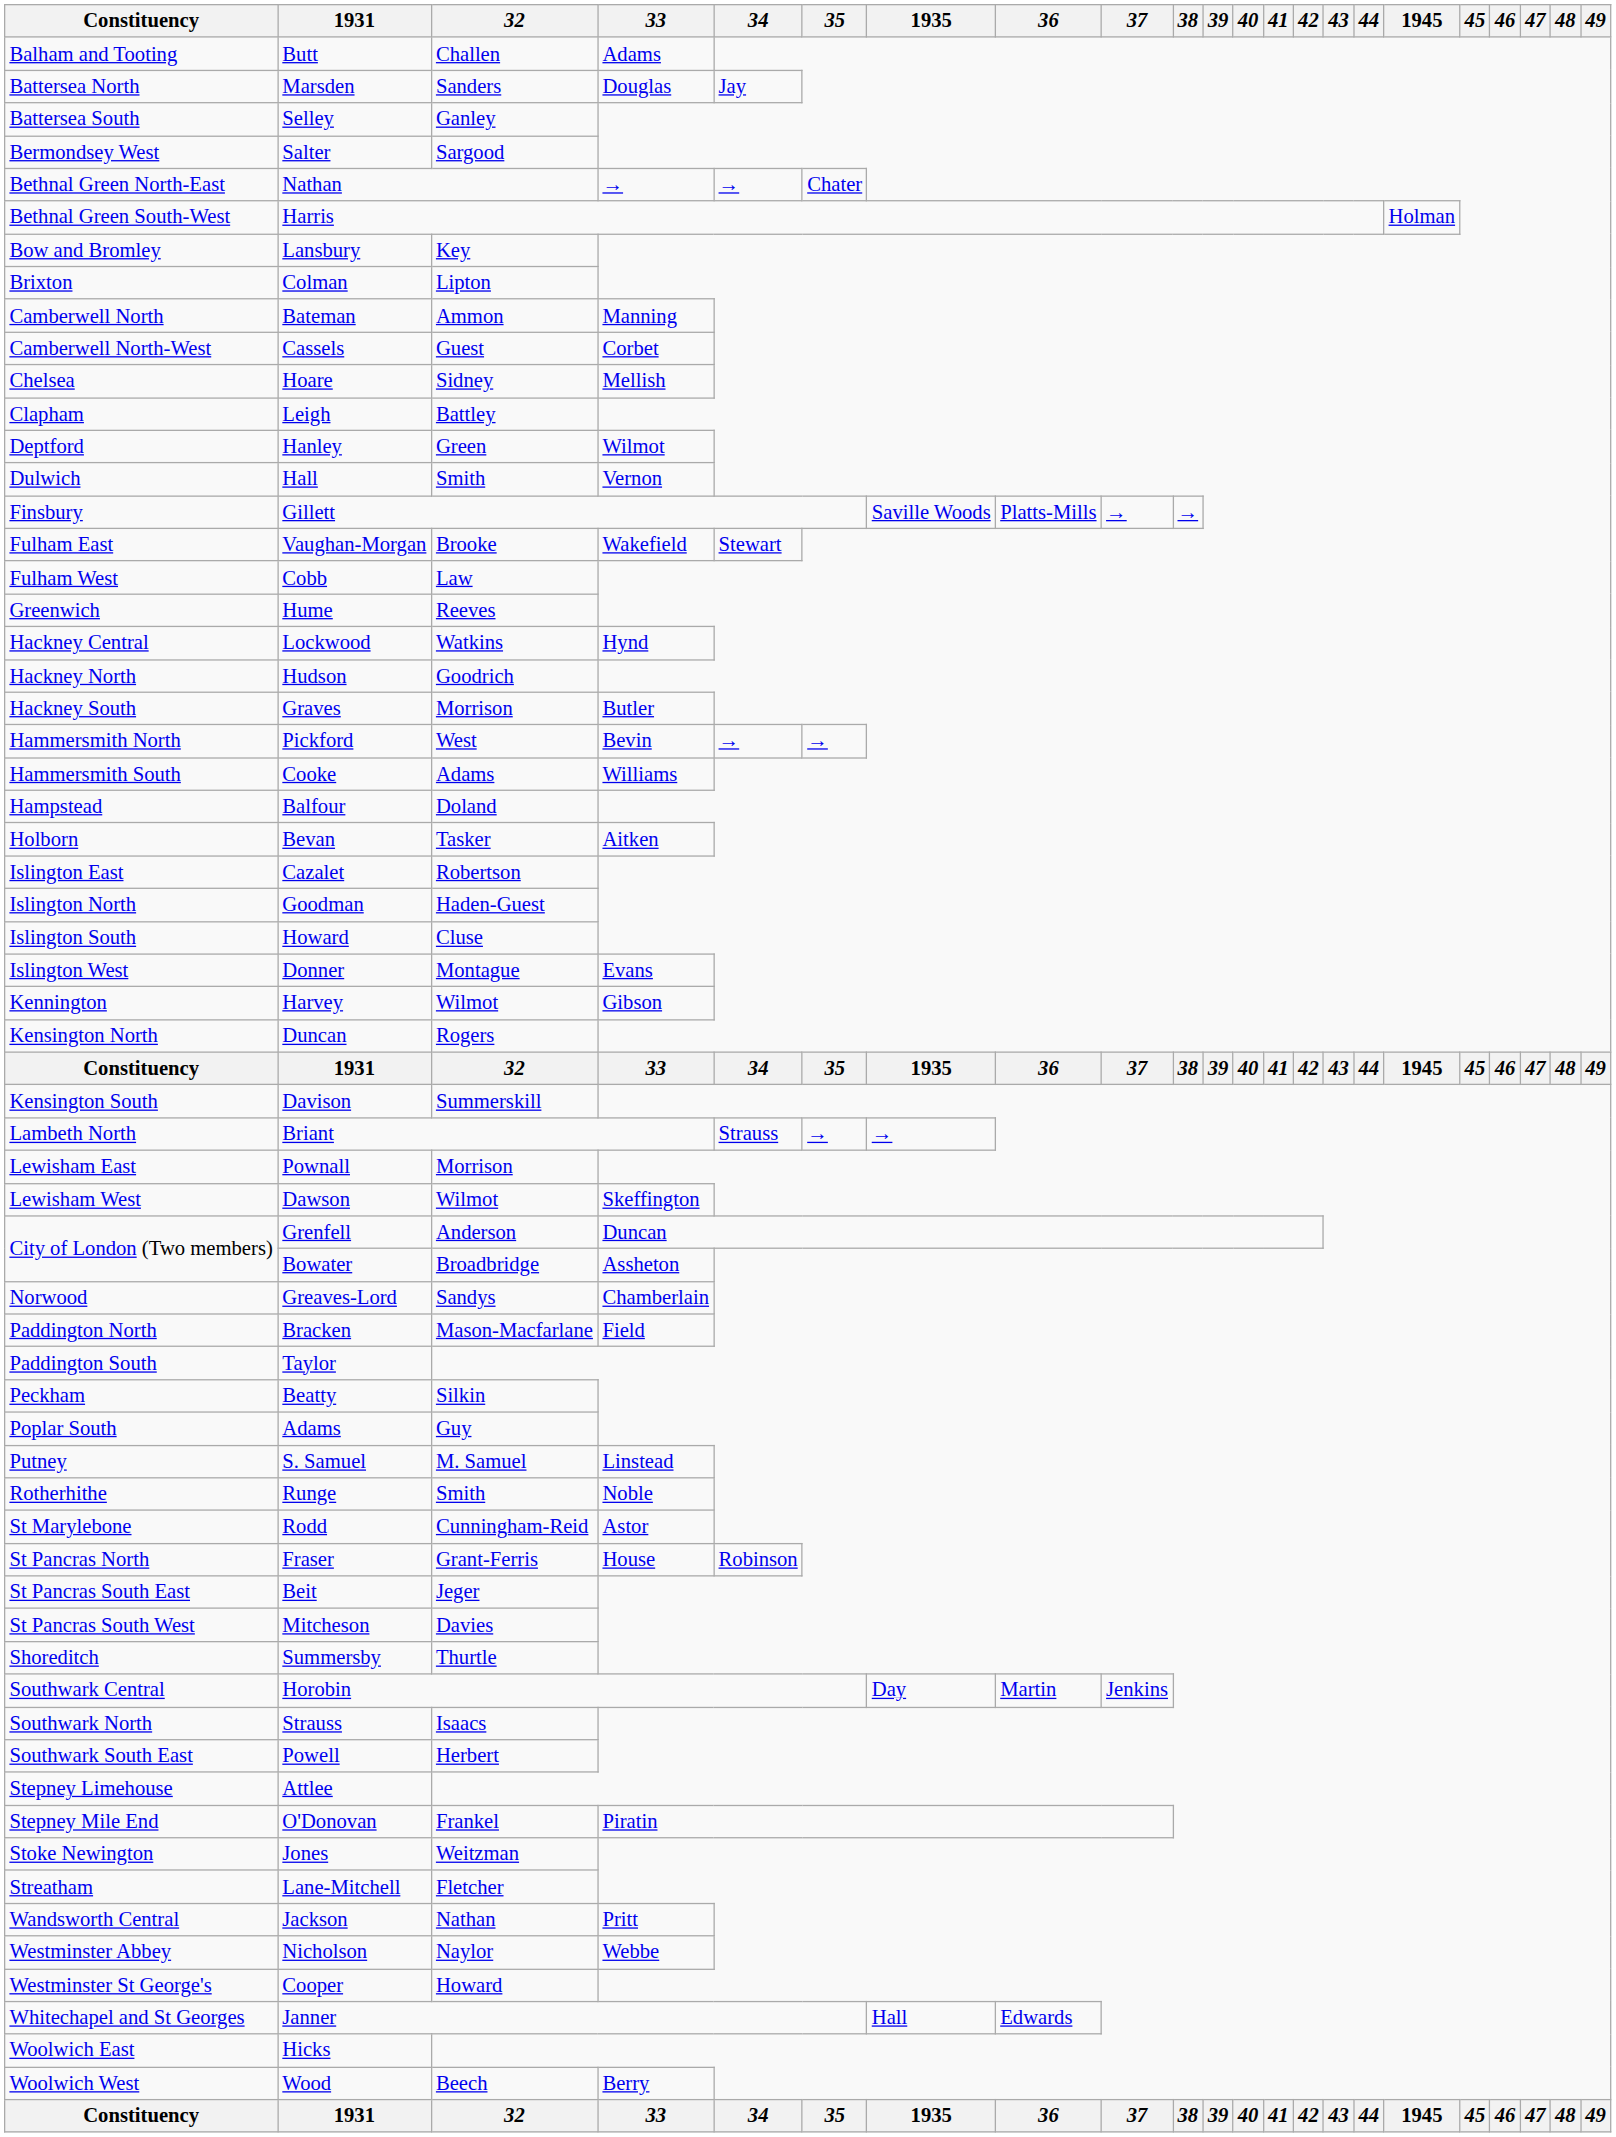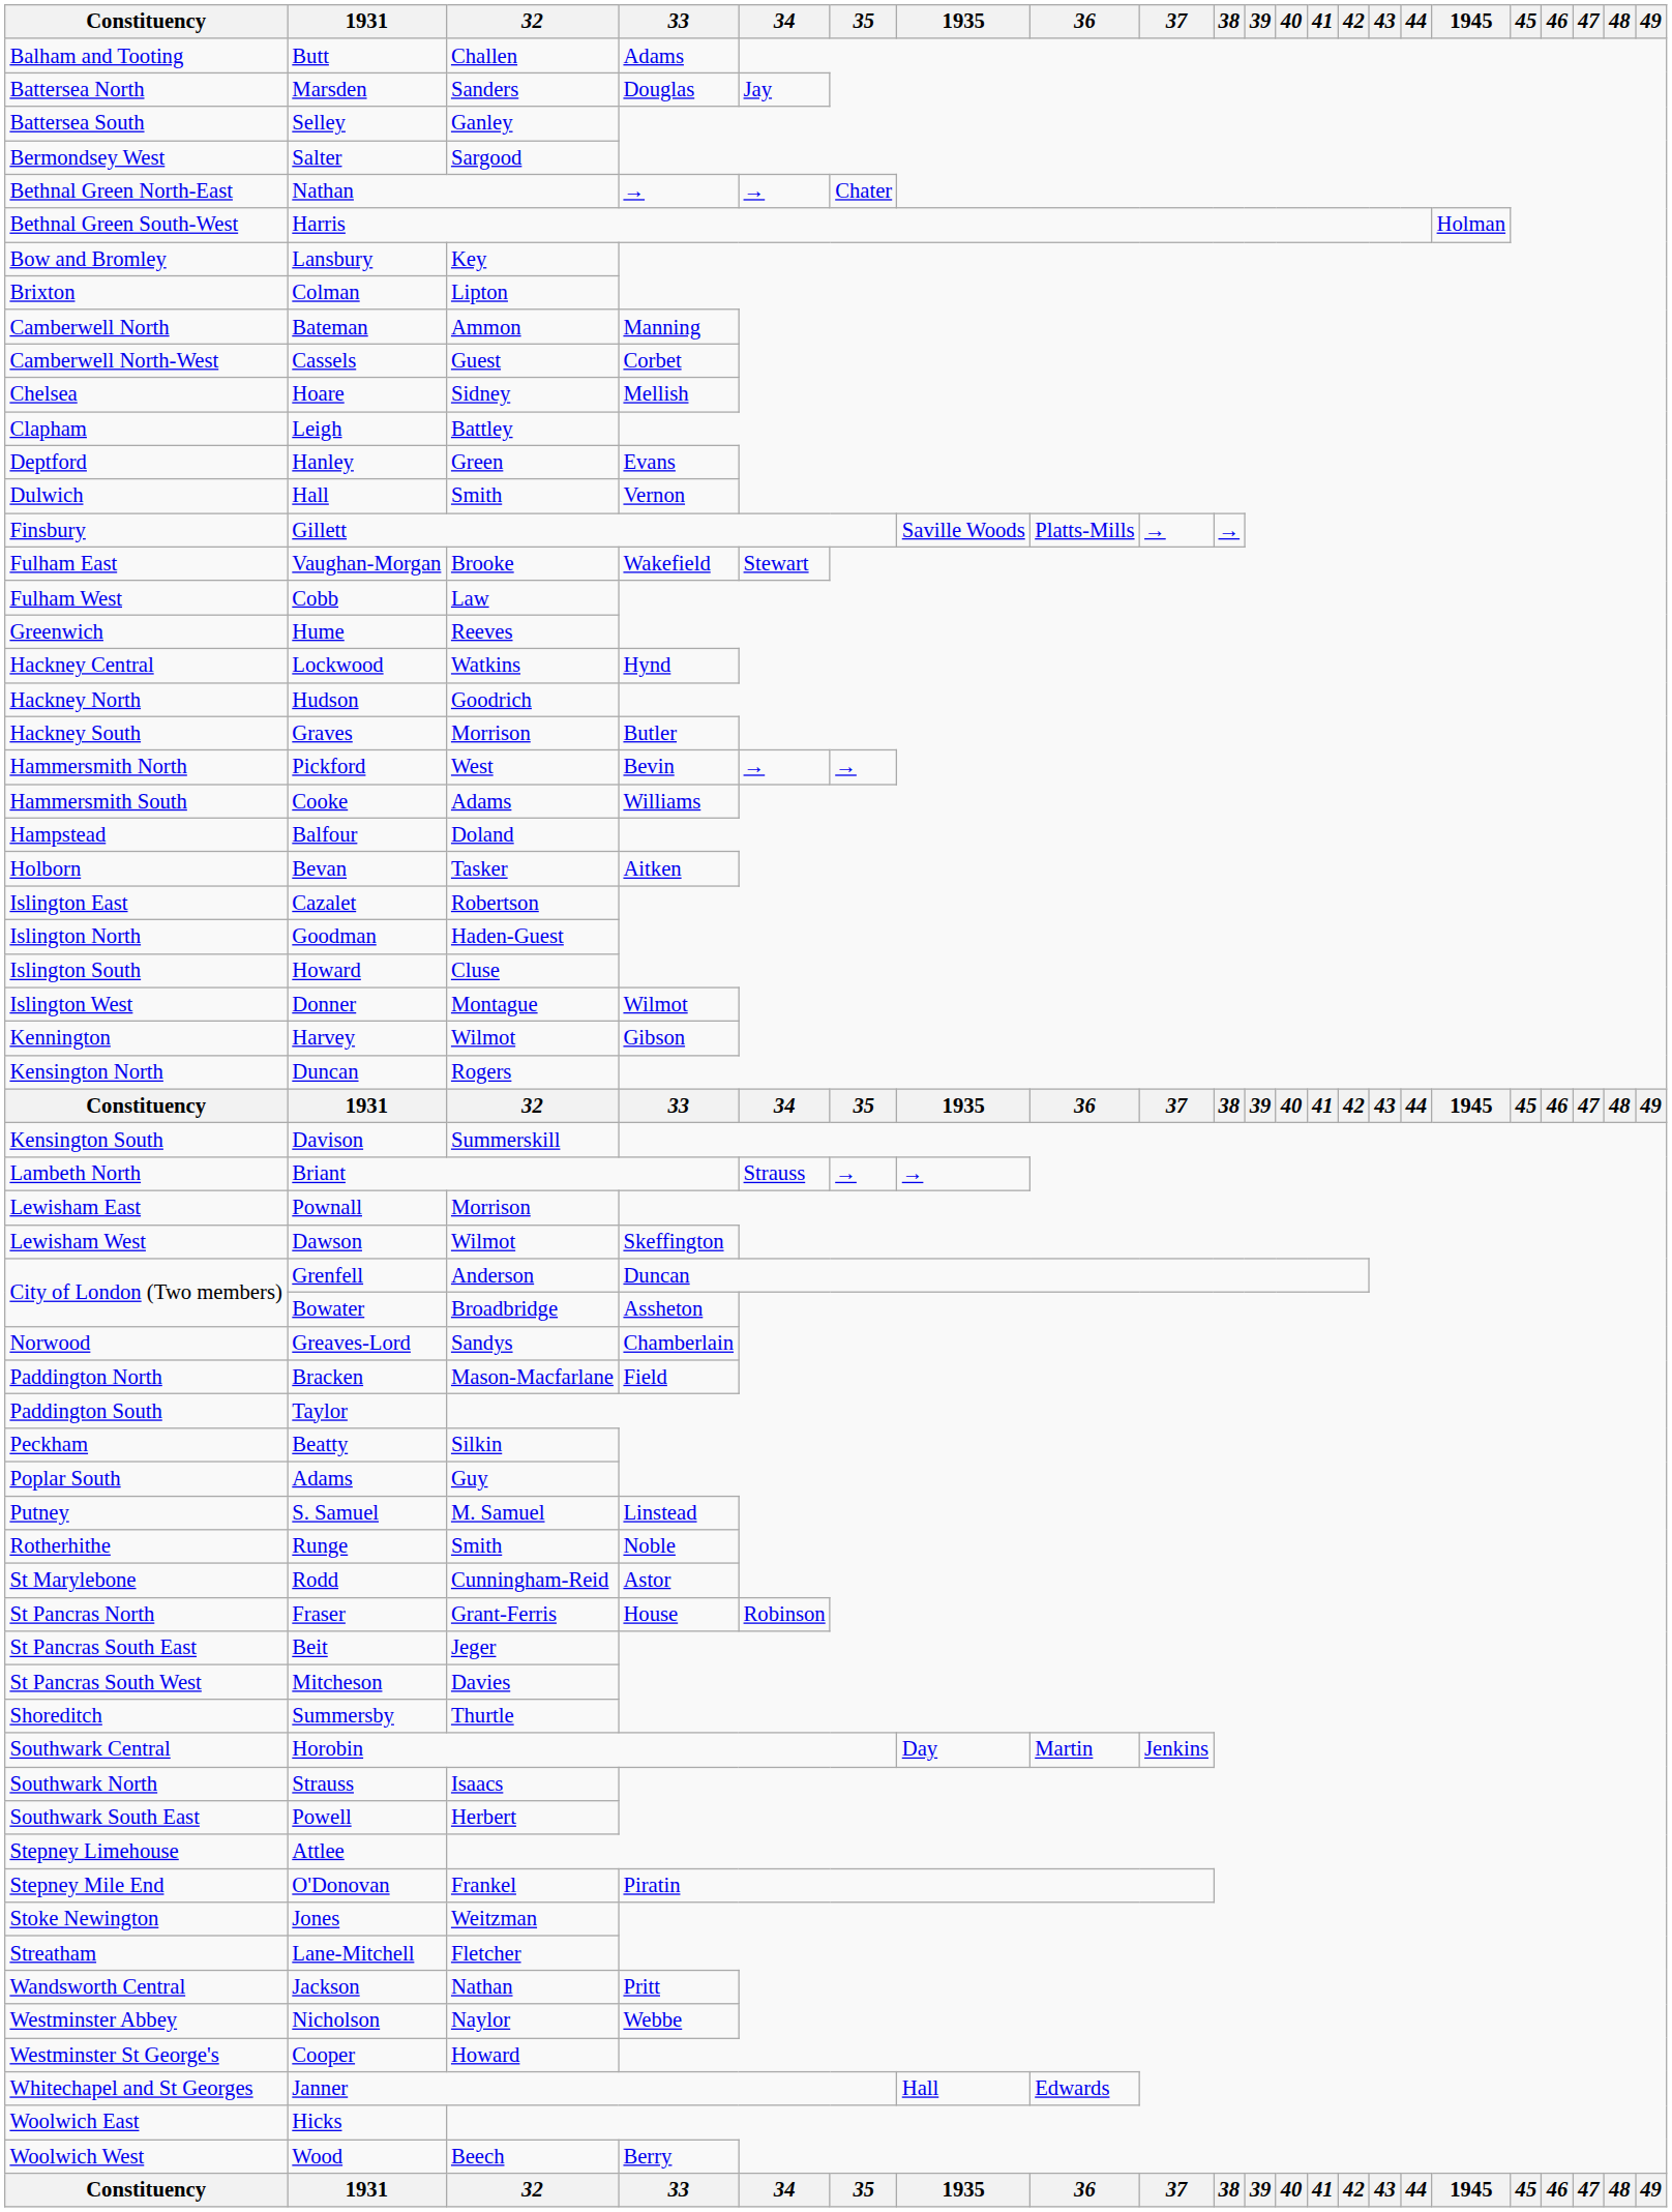 <table class="wikitable">
 <tr>
 <th>Constituency</th>
 <th>1931</th>
 <th><em>32</em></th>
 <th><em>33</em></th>
 <th><em>34</em></th>
 <th><em>35</em></th>
 <th>1935</th>
 <th><em>36</em></th>
 <th><em>37</em></th>
 <th><em>38</em></th>
 <th><em>39</em></th>
 <th><em>40</em></th>
 <th><em>41</em></th>
 <th><em>42</em></th>
 <th><em>43</em></th>
 <th><em>44</em></th>
 <th>1945</th>
 <th><em>45</em></th>
 <th><em>46</em></th>
 <th><em>47</em></th>
 <th><em>48</em></th>
 <th><em>49</em></th>
 </tr>
 <tr>
 <td><a href='#'>Balham and Tooting</a></td>
 <td><a href='#'>Butt</a></td>
 <td><a href='#'>Challen</a></td>
 <td><a href='#'>Adams</a></td>
 </tr>
 <tr>
 <td><a href='#'>Battersea North</a></td>
 <td><a href='#'>Marsden</a></td>
 <td><a href='#'>Sanders</a></td>
 <td><a href='#'>Douglas</a></td>
 <td><a href='#'>Jay</a></td>
 </tr>
 <tr>
 <td><a href='#'>Battersea South</a></td>
 <td><a href='#'>Selley</a></td>
 <td><a href='#'>Ganley</a></td>
 </tr>
 <tr>
 <td><a href='#'>Bermondsey West</a></td>
 <td><a href='#'>Salter</a></td>
 <td><a href='#'>Sargood</a></td>
 </tr>
 <tr>
 <td><a href='#'>Bethnal Green North-East</a></td>
 <td colspan="2"><a href='#'>Nathan</a></td>
 <td><a href='#'>→</a></td>
 <td><a href='#'>→</a></td>
 <td><a href='#'>Chater</a></td>
 </tr>
 <tr>
 <td><a href='#'>Bethnal Green South-West</a></td>
 <td colspan="15"><a href='#'>Harris</a></td>
 <td><a href='#'>Holman</a></td>
 </tr>
 <tr>
 <td><a href='#'>Bow and Bromley</a></td>
 <td><a href='#'>Lansbury</a></td>
 <td><a href='#'>Key</a></td>
 </tr>
 <tr>
 <td><a href='#'>Brixton</a></td>
 <td><a href='#'>Colman</a></td>
 <td><a href='#'>Lipton</a></td>
 </tr>
 <tr>
 <td><a href='#'>Camberwell North</a></td>
 <td><a href='#'>Bateman</a></td>
 <td><a href='#'>Ammon</a></td>
 <td><a href='#'>Manning</a></td>
 </tr>
 <tr>
 <td><a href='#'>Camberwell North-West</a></td>
 <td><a href='#'>Cassels</a></td>
 <td><a href='#'>Guest</a></td>
 <td><a href='#'>Corbet</a></td>
 </tr>
 <tr>
 <td><a href='#'>Chelsea</a></td>
 <td><a href='#'>Hoare</a></td>
 <td><a href='#'>Sidney</a></td>
 <td><a href='#'>Mellish</a></td>
 </tr>
 <tr>
 <td><a href='#'>Clapham</a></td>
 <td><a href='#'>Leigh</a></td>
 <td><a href='#'>Battley</a></td>
 </tr>
 <tr>
 <td><a href='#'>Deptford</a></td>
 <td><a href='#'>Hanley</a></td>
 <td><a href='#'>Green</a></td>
-<td><a href='#'>Wilmot</a></td>
+<td><a href='#'>Evans</a></td>
 </tr>
 <tr>
 <td><a href='#'>Dulwich</a></td>
 <td><a href='#'>Hall</a></td>
 <td><a href='#'>Smith</a></td>
 <td><a href='#'>Vernon</a></td>
 </tr>
 <tr>
 <td><a href='#'>Finsbury</a></td>
 <td colspan="5"><a href='#'>Gillett</a></td>
 <td><a href='#'>Saville Woods</a></td>
 <td><a href='#'>Platts-Mills</a></td>
 <td><a href='#'>→</a></td>
 <td><a href='#'>→</a></td>
 </tr>
 <tr>
 <td><a href='#'>Fulham East</a></td>
 <td><a href='#'>Vaughan-Morgan</a></td>
 <td><a href='#'>Brooke</a></td>
 <td><a href='#'>Wakefield</a></td>
 <td><a href='#'>Stewart</a></td>
 </tr>
 <tr>
 <td><a href='#'>Fulham West</a></td>
 <td><a href='#'>Cobb</a></td>
 <td><a href='#'>Law</a></td>
 </tr>
 <tr>
 <td><a href='#'>Greenwich</a></td>
 <td><a href='#'>Hume</a></td>
 <td><a href='#'>Reeves</a></td>
 </tr>
 <tr>
 <td><a href='#'>Hackney Central</a></td>
 <td><a href='#'>Lockwood</a></td>
 <td><a href='#'>Watkins</a></td>
 <td><a href='#'>Hynd</a></td>
 </tr>
 <tr>
 <td><a href='#'>Hackney North</a></td>
 <td><a href='#'>Hudson</a></td>
 <td><a href='#'>Goodrich</a></td>
 </tr>
 <tr>
 <td><a href='#'>Hackney South</a></td>
 <td><a href='#'>Graves</a></td>
 <td><a href='#'>Morrison</a></td>
 <td><a href='#'>Butler</a></td>
 </tr>
 <tr>
 <td><a href='#'>Hammersmith North</a></td>
 <td><a href='#'>Pickford</a></td>
 <td><a href='#'>West</a></td>
 <td><a href='#'>Bevin</a></td>
 <td><a href='#'>→</a></td>
 <td><a href='#'>→</a></td>
 </tr>
 <tr>
 <td><a href='#'>Hammersmith South</a></td>
 <td><a href='#'>Cooke</a></td>
 <td><a href='#'>Adams</a></td>
 <td><a href='#'>Williams</a></td>
 </tr>
 <tr>
 <td><a href='#'>Hampstead</a></td>
 <td><a href='#'>Balfour</a></td>
 <td><a href='#'>Doland</a></td>
 </tr>
 <tr>
 <td><a href='#'>Holborn</a></td>
 <td><a href='#'>Bevan</a></td>
 <td><a href='#'>Tasker</a></td>
 <td><a href='#'>Aitken</a></td>
 </tr>
 <tr>
 <td><a href='#'>Islington East</a></td>
 <td><a href='#'>Cazalet</a></td>
 <td><a href='#'>Robertson</a></td>
 </tr>
 <tr>
 <td><a href='#'>Islington North</a></td>
 <td><a href='#'>Goodman</a></td>
 <td><a href='#'>Haden-Guest</a></td>
 </tr>
 <tr>
 <td><a href='#'>Islington South</a></td>
 <td><a href='#'>Howard</a></td>
 <td><a href='#'>Cluse</a></td>
 </tr>
 <tr>
 <td><a href='#'>Islington West</a></td>
 <td><a href='#'>Donner</a></td>
 <td><a href='#'>Montague</a></td>
-<td><a href='#'>Evans</a></td>
+<td><a href='#'>Wilmot</a></td>
 </tr>
 <tr>
 <td><a href='#'>Kennington</a></td>
 <td><a href='#'>Harvey</a></td>
 <td><a href='#'>Wilmot</a></td>
 <td><a href='#'>Gibson</a></td>
 </tr>
 <tr>
 <td><a href='#'>Kensington North</a></td>
 <td><a href='#'>Duncan</a></td>
 <td><a href='#'>Rogers</a></td>
 </tr>
 <tr>
 <th>Constituency</th>
 <th>1931</th>
 <th><em>32</em></th>
 <th><em>33</em></th>
 <th><em>34</em></th>
 <th><em>35</em></th>
 <th>1935</th>
 <th><em>36</em></th>
 <th><em>37</em></th>
 <th><em>38</em></th>
 <th><em>39</em></th>
 <th><em>40</em></th>
 <th><em>41</em></th>
 <th><em>42</em></th>
 <th><em>43</em></th>
 <th><em>44</em></th>
 <th>1945</th>
 <th><em>45</em></th>
 <th><em>46</em></th>
 <th><em>47</em></th>
 <th><em>48</em></th>
 <th><em>49</em></th>
 </tr>
 <tr>
 <td><a href='#'>Kensington South</a></td>
 <td><a href='#'>Davison</a></td>
 <td><a href='#'>Summerskill</a></td>
 </tr>
 <tr>
 <td><a href='#'>Lambeth North</a></td>
 <td colspan="3"><a href='#'>Briant</a></td>
 <td><a href='#'>Strauss</a></td>
 <td><a href='#'>→</a></td>
 <td><a href='#'>→</a></td>
 </tr>
 <tr>
 <td><a href='#'>Lewisham East</a></td>
 <td><a href='#'>Pownall</a></td>
 <td><a href='#'>Morrison</a></td>
 </tr>
 <tr>
 <td><a href='#'>Lewisham West</a></td>
 <td><a href='#'>Dawson</a></td>
 <td><a href='#'>Wilmot</a></td>
 <td><a href='#'>Skeffington</a></td>
 </tr>
 <tr>
 <td rowspan="2"><a href='#'>City of London</a> (Two members)</td>
 <td><a href='#'>Grenfell</a></td>
 <td><a href='#'>Anderson</a></td>
 <td colspan="11"><a href='#'>Duncan</a></td>
 </tr>
 <tr>
 <td><a href='#'>Bowater</a></td>
 <td><a href='#'>Broadbridge</a></td>
 <td><a href='#'>Assheton</a></td>
 </tr>
 <tr>
 <td><a href='#'>Norwood</a></td>
 <td><a href='#'>Greaves-Lord</a></td>
 <td><a href='#'>Sandys</a></td>
 <td><a href='#'>Chamberlain</a></td>
 </tr>
 <tr>
 <td><a href='#'>Paddington North</a></td>
 <td><a href='#'>Bracken</a></td>
 <td><a href='#'>Mason-Macfarlane</a></td>
 <td><a href='#'>Field</a></td>
 </tr>
 <tr>
 <td><a href='#'>Paddington South</a></td>
 <td><a href='#'>Taylor</a></td>
 </tr>
 <tr>
 <td><a href='#'>Peckham</a></td>
 <td><a href='#'>Beatty</a></td>
 <td><a href='#'>Silkin</a></td>
 </tr>
 <tr>
 <td><a href='#'>Poplar South</a></td>
 <td><a href='#'>Adams</a></td>
 <td><a href='#'>Guy</a></td>
 </tr>
 <tr>
 <td><a href='#'>Putney</a></td>
 <td><a href='#'>S. Samuel</a></td>
 <td><a href='#'>M. Samuel</a></td>
 <td><a href='#'>Linstead</a></td>
 </tr>
 <tr>
 <td><a href='#'>Rotherhithe</a></td>
 <td><a href='#'>Runge</a></td>
 <td><a href='#'>Smith</a></td>
 <td><a href='#'>Noble</a></td>
 </tr>
 <tr>
 <td><a href='#'>St Marylebone</a></td>
 <td><a href='#'>Rodd</a></td>
 <td><a href='#'>Cunningham-Reid</a></td>
 <td><a href='#'>Astor</a></td>
 </tr>
 <tr>
 <td><a href='#'>St Pancras North</a></td>
 <td><a href='#'>Fraser</a></td>
 <td><a href='#'>Grant-Ferris</a></td>
 <td><a href='#'>House</a></td>
 <td><a href='#'>Robinson</a></td>
 </tr>
 <tr>
 <td><a href='#'>St Pancras South East</a></td>
 <td><a href='#'>Beit</a></td>
 <td><a href='#'>Jeger</a></td>
 </tr>
 <tr>
 <td><a href='#'>St Pancras South West</a></td>
 <td><a href='#'>Mitcheson</a></td>
 <td><a href='#'>Davies</a></td>
 </tr>
 <tr>
 <td><a href='#'>Shoreditch</a></td>
 <td><a href='#'>Summersby</a></td>
 <td><a href='#'>Thurtle</a></td>
 </tr>
 <tr>
 <td><a href='#'>Southwark Central</a></td>
 <td colspan="5"><a href='#'>Horobin</a></td>
 <td><a href='#'>Day</a></td>
 <td><a href='#'>Martin</a></td>
 <td><a href='#'>Jenkins</a></td>
 </tr>
 <tr>
 <td><a href='#'>Southwark North</a></td>
 <td><a href='#'>Strauss</a></td>
 <td><a href='#'>Isaacs</a></td>
 </tr>
 <tr>
 <td><a href='#'>Southwark South East</a></td>
 <td><a href='#'>Powell</a></td>
 <td><a href='#'>Herbert</a></td>
 </tr>
 <tr>
 <td><a href='#'>Stepney Limehouse</a></td>
 <td><a href='#'>Attlee</a></td>
 </tr>
 <tr>
 <td><a href='#'>Stepney Mile End</a></td>
 <td><a href='#'>O'Donovan</a></td>
 <td><a href='#'>Frankel</a></td>
 <td colspan="6"><a href='#'>Piratin</a></td>
 </tr>
 <tr>
 <td><a href='#'>Stoke Newington</a></td>
 <td><a href='#'>Jones</a></td>
 <td><a href='#'>Weitzman</a></td>
 </tr>
 <tr>
 <td><a href='#'>Streatham</a></td>
 <td><a href='#'>Lane-Mitchell</a></td>
 <td><a href='#'>Fletcher</a></td>
 </tr>
 <tr>
 <td><a href='#'>Wandsworth Central</a></td>
 <td><a href='#'>Jackson</a></td>
 <td><a href='#'>Nathan</a></td>
 <td><a href='#'>Pritt</a></td>
 </tr>
 <tr>
 <td><a href='#'>Westminster Abbey</a></td>
 <td><a href='#'>Nicholson</a></td>
 <td><a href='#'>Naylor</a></td>
 <td><a href='#'>Webbe</a></td>
 </tr>
 <tr>
 <td><a href='#'>Westminster St George's</a></td>
 <td><a href='#'>Cooper</a></td>
 <td><a href='#'>Howard</a></td>
 </tr>
 <tr>
 <td><a href='#'>Whitechapel and St Georges</a></td>
 <td colspan="5"><a href='#'>Janner</a></td>
 <td><a href='#'>Hall</a></td>
 <td><a href='#'>Edwards</a></td>
 </tr>
 <tr>
 <td><a href='#'>Woolwich East</a></td>
 <td><a href='#'>Hicks</a></td>
 </tr>
 <tr>
 <td><a href='#'>Woolwich West</a></td>
 <td><a href='#'>Wood</a></td>
 <td><a href='#'>Beech</a></td>
 <td><a href='#'>Berry</a></td>
 </tr>
 <tr>
 <th>Constituency</th>
 <th>1931</th>
 <th><em>32</em></th>
 <th><em>33</em></th>
 <th><em>34</em></th>
 <th><em>35</em></th>
 <th>1935</th>
 <th><em>36</em></th>
 <th><em>37</em></th>
 <th><em>38</em></th>
 <th><em>39</em></th>
 <th><em>40</em></th>
 <th><em>41</em></th>
 <th><em>42</em></th>
 <th><em>43</em></th>
 <th><em>44</em></th>
 <th>1945</th>
 <th><em>45</em></th>
 <th><em>46</em></th>
 <th><em>47</em></th>
 <th><em>48</em></th>
 <th><em>49</em></th>
 </tr>
 </table>
